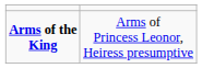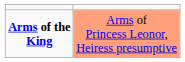 <table class="wikitable" style="margin:1em auto; text-align:center;">
 <tr>
 <td></td>
 <td></td>
 </tr>
 <tr>
 <td><strong><a href='#'>Arms</a> of the<br><a href='#'>King</a></strong></td>
-<td><a href='#'>Arms</a> of <br><a href='#'>Princess Leonor</a>,<br><a href='#'>Heiress presumptive</a></td>
+<td style="background: lightsalmon;"><a href='#'>Arms</a> of <br><a href='#'>Princess Leonor</a>,<br><a href='#'>Heiress presumptive</a></td>
 </tr>
 </table>
